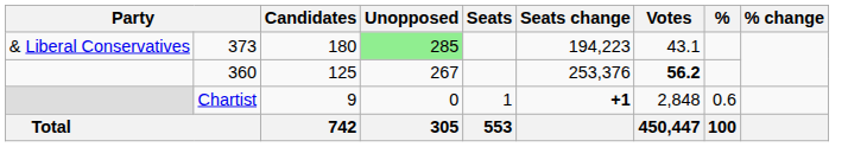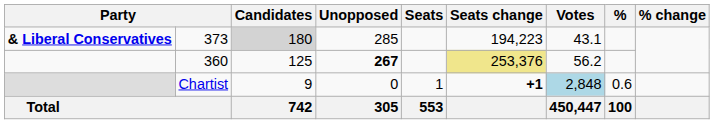 <table class="wikitable sortable">
 <tr>
 <th colspan=2>Party</th>
 <th>Candidates</th>
 <th>Unopposed</th>
 <th>Seats</th>
 <th>Seats change</th>
 <th>Votes</th>
 <th>%</th>
 <th>% change</th>
 </tr>
 <tr>
-<td> & <a href='#'>Liberal Conservatives</a></td>
+<td><strong> & <a href='#'>Liberal Conservatives</a></strong></td>
 <td align=right>373</td>
-<td align=right>180</td>
-<td align=right style="background: lightgreen;">285</td>
+<td align=right style="background: lightgrey;">180</td>
+<td align=right>285</td>
 <td align=right></td>
 <td align=right>194,223</td>
 <td align=right>43.1</td>
 <td align=right></td>
 </tr>
 <tr>
 <td></td>
 <td align=right>360</td>
 <td align=right>125</td>
-<td align=right>267</td>
+<td align=right><strong>267</strong></td>
 <td align=right></td>
-<td align=right>253,376</td>
-<td align=right><strong>56.2</strong></td>
+<td align=right style="background: khaki;">253,376</td>
+<td align=right>56.2</td>
 <td align=right></td>
 </tr>
 <tr>
 <td bgcolor="#DDDDDD"></td>
 <td><a href='#'>Chartist</a></td>
 <td align=right>9</td>
 <td align=right>0</td>
 <td align=right>1</td>
 <td align=right><strong>+1</strong></td>
-<td align=right>2,848</td>
+<td align=right style="background: lightblue;">2,848</td>
 <td align=right>0.6</td>
 <td align=right></td>
 </tr>
 <tr class="sortbottom" style="font-weight: bold; text-align: right; background: #f2f2f2;">
 <th colspan="2" style="padding-left: 1.5em; text-align: left;">Total</th>
 <td align=right>742</td>
 <td align=right>305</td>
 <td align=right>553</td>
 <td align=right></td>
 <td align=right>450,447</td>
 <td align=right>100</td>
 <td align=right></td>
 </tr>
 </table>
